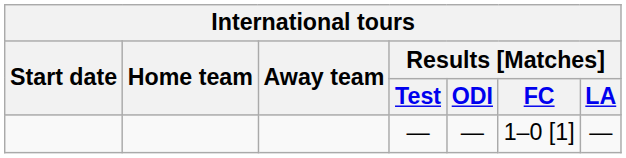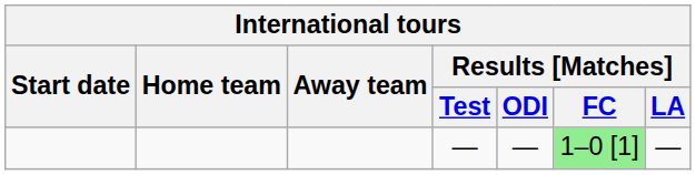 <table class="wikitable">
 <tr>
 <th colspan="7">International tours</th>
 </tr>
 <tr>
 <th rowspan="2">Start date</th>
 <th rowspan="2">Home team</th>
 <th rowspan="2">Away team</th>
 <th colspan="4">Results [Matches]</th>
 </tr>
 <tr>
 <th><a href='#'>Test</a></th>
 <th><a href='#'>ODI</a></th>
 <th><a href='#'>FC</a></th>
 <th><a href='#'>LA</a></th>
 </tr>
 <tr>
 <td><a href='#'></a></td>
 <td></td>
 <td></td>
 <td ; style="text-align:center">—</td>
 <td ; style="text-align:center">—</td>
-<td>1–0 [1]</td>
+<td style="background: lightgreen;">1–0 [1]</td>
 <td ; style="text-align:center">—</td>
 </tr>
 </table>
